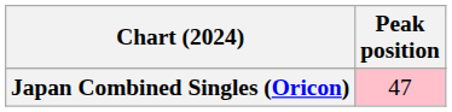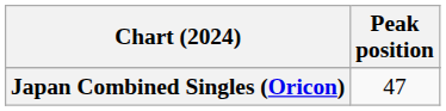 <table class="wikitable sortable plainrowheaders" style="text-align:center">
 <tr>
 <th scope="col">Chart (2024)</th>
 <th scope="col">Peak<br>position</th>
 </tr>
 <tr>
 </tr>
 <tr>
 <th scope="row">Japan Combined Singles (<a href='#'>Oricon</a>)</th>
-<td style="background: pink;">47</td>
+<td>47</td>
 </tr>
 </table>
